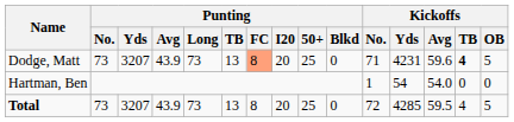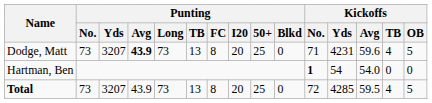 <table class="wikitable" style="white-space:nowrap;">
 <tr>
 <th rowspan="2">Name</th>
 <th colspan="9">Punting</th>
 <th colspan="5">Kickoffs</th>
 </tr>
 <tr>
 <th>No.</th>
 <th>Yds</th>
 <th>Avg</th>
 <th>Long</th>
 <th>TB</th>
 <th>FC</th>
 <th>I20</th>
 <th>50+</th>
 <th>Blkd</th>
 <th>No.</th>
 <th>Yds</th>
 <th>Avg</th>
 <th>TB</th>
 <th>OB</th>
 </tr>
 <tr>
 <td>Dodge, Matt</td>
 <td>73</td>
 <td>3207</td>
-<td>43.9</td>
+<td><strong>43.9</strong></td>
 <td>73</td>
 <td>13</td>
-<td style="background: lightsalmon;">8</td>
+<td>8</td>
 <td>20</td>
 <td>25</td>
 <td>0</td>
 <td>71</td>
 <td>4231</td>
 <td>59.6</td>
-<td><strong>4</strong></td>
+<td>4</td>
 <td>5</td>
 </tr>
 <tr>
 <td>Hartman, Ben</td>
 <td colspan="9"></td>
-<td>1</td>
+<td><strong>1</strong></td>
 <td>54</td>
 <td>54.0</td>
 <td>0</td>
 <td>0</td>
 </tr>
 <tr>
 <td><strong>Total</strong></td>
 <td>73</td>
 <td>3207</td>
 <td>43.9</td>
 <td>73</td>
 <td>13</td>
 <td>8</td>
 <td>20</td>
 <td>25</td>
 <td>0</td>
 <td>72</td>
 <td>4285</td>
 <td>59.5</td>
 <td>4</td>
 <td>5</td>
 </tr>
 </table>
